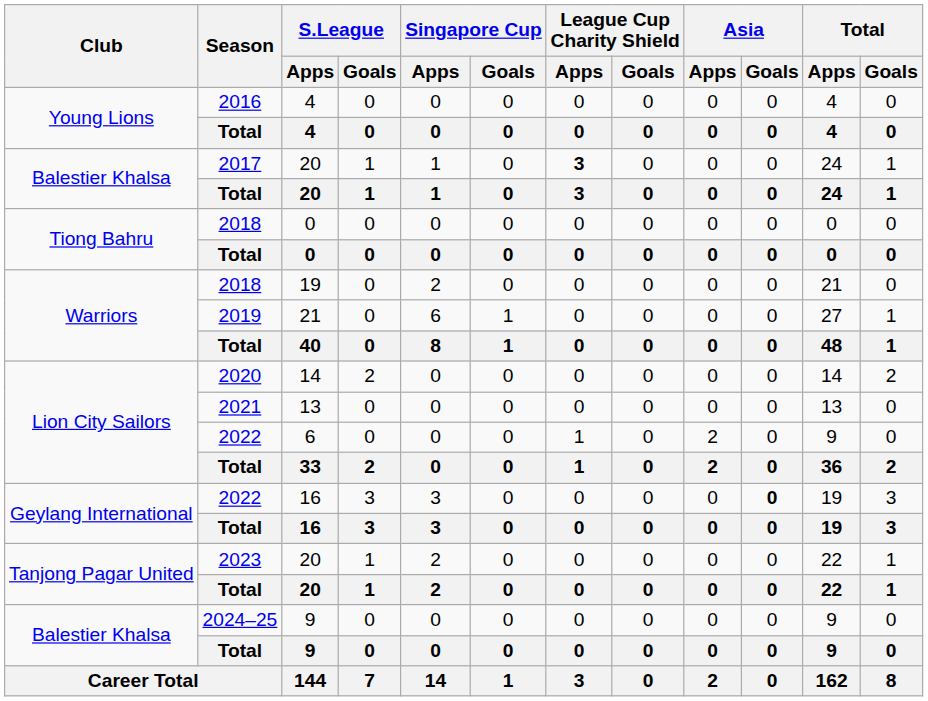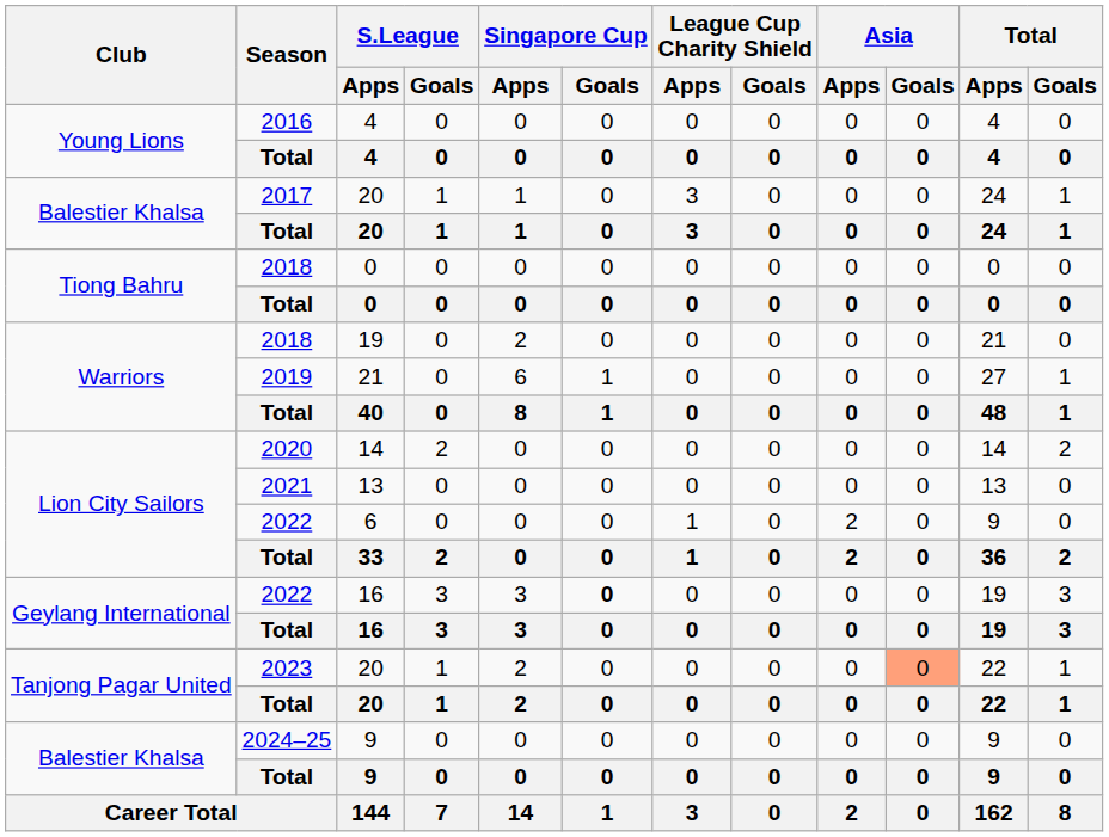 <table style="text-align:center" class="wikitable">
 <tr>
 <th rowspan="2">Club</th>
 <th rowspan="2">Season</th>
 <th colspan="2"><a href='#'>S.League</a></th>
 <th colspan="2"><a href='#'>Singapore Cup</a></th>
 <th colspan="2">League Cup <br> Charity Shield</th>
 <th colspan="2"><a href='#'>Asia</a></th>
 <th colspan="2">Total</th>
 </tr>
 <tr>
 <th>Apps</th>
 <th>Goals</th>
 <th>Apps</th>
 <th>Goals</th>
 <th>Apps</th>
 <th>Goals</th>
 <th>Apps</th>
 <th>Goals</th>
 <th>Apps</th>
 <th>Goals</th>
 </tr>
 <tr>
 <td rowspan="2"><a href='#'>Young Lions</a></td>
 <td><a href='#'>2016</a></td>
 <td>4</td>
 <td>0</td>
 <td>0</td>
 <td>0</td>
 <td>0</td>
 <td>0</td>
 <td>0</td>
 <td>0</td>
 <td>4</td>
 <td>0</td>
 </tr>
 <tr>
 <th>Total</th>
 <th>4</th>
 <th>0</th>
 <th>0</th>
 <th>0</th>
 <th>0</th>
 <th>0</th>
 <th>0</th>
 <th>0</th>
 <th>4</th>
 <th>0</th>
 </tr>
 <tr>
 <td rowspan="2"><a href='#'>Balestier Khalsa</a></td>
 <td><a href='#'>2017</a></td>
 <td>20</td>
 <td>1</td>
 <td>1</td>
 <td>0</td>
-<td><strong>3</strong></td>
+<td>3</td>
 <td>0</td>
 <td>0</td>
 <td>0</td>
 <td>24</td>
 <td>1</td>
 </tr>
 <tr>
 <th>Total</th>
 <th>20</th>
 <th>1</th>
 <th>1</th>
 <th>0</th>
 <th>3</th>
 <th>0</th>
 <th>0</th>
 <th>0</th>
 <th>24</th>
 <th>1</th>
 </tr>
 <tr>
 <td rowspan="2"><a href='#'>Tiong Bahru</a></td>
 <td><a href='#'>2018</a></td>
 <td>0</td>
 <td>0</td>
 <td>0</td>
 <td>0</td>
 <td>0</td>
 <td>0</td>
 <td>0</td>
 <td>0</td>
 <td>0</td>
 <td>0</td>
 </tr>
 <tr>
 <th>Total</th>
 <th>0</th>
 <th>0</th>
 <th>0</th>
 <th>0</th>
 <th>0</th>
 <th>0</th>
 <th>0</th>
 <th>0</th>
 <th>0</th>
 <th>0</th>
 </tr>
 <tr>
 <td rowspan="3"><a href='#'>Warriors</a></td>
 <td><a href='#'>2018</a></td>
 <td>19</td>
 <td>0</td>
 <td>2</td>
 <td>0</td>
 <td>0</td>
 <td>0</td>
 <td>0</td>
 <td>0</td>
 <td>21</td>
 <td>0</td>
 </tr>
 <tr>
 <td><a href='#'>2019</a></td>
 <td>21</td>
 <td>0</td>
 <td>6</td>
 <td>1</td>
 <td>0</td>
 <td>0</td>
 <td>0</td>
 <td>0</td>
 <td>27</td>
 <td>1</td>
 </tr>
 <tr>
 <th>Total</th>
 <th>40</th>
 <th>0</th>
 <th>8</th>
 <th>1</th>
 <th>0</th>
 <th>0</th>
 <th>0</th>
 <th>0</th>
 <th>48</th>
 <th>1</th>
 </tr>
 <tr>
 <td rowspan="4"><a href='#'>Lion City Sailors</a></td>
 <td><a href='#'>2020</a></td>
 <td>14</td>
 <td>2</td>
 <td>0</td>
 <td>0</td>
 <td>0</td>
 <td>0</td>
 <td>0</td>
 <td>0</td>
 <td>14</td>
 <td>2</td>
 </tr>
 <tr>
 <td><a href='#'>2021</a></td>
 <td>13</td>
 <td>0</td>
 <td>0</td>
 <td>0</td>
 <td>0</td>
 <td>0</td>
 <td>0</td>
 <td>0</td>
 <td>13</td>
 <td>0</td>
 </tr>
 <tr>
 <td><a href='#'>2022</a></td>
 <td>6</td>
 <td>0</td>
 <td>0</td>
 <td>0</td>
 <td>1</td>
 <td>0</td>
 <td>2</td>
 <td>0</td>
 <td>9</td>
 <td>0</td>
 </tr>
 <tr>
 <th>Total</th>
 <th>33</th>
 <th>2</th>
 <th>0</th>
 <th>0</th>
 <th>1</th>
 <th>0</th>
 <th>2</th>
 <th>0</th>
 <th>36</th>
 <th>2</th>
 </tr>
 <tr>
 <td rowspan="2"><a href='#'>Geylang International</a></td>
 <td><a href='#'>2022</a></td>
 <td>16</td>
 <td>3</td>
 <td>3</td>
+<td><strong>0</strong></td>
 <td>0</td>
 <td>0</td>
 <td>0</td>
 <td>0</td>
-<td><strong>0</strong></td>
 <td>19</td>
 <td>3</td>
 </tr>
 <tr>
 <th>Total</th>
 <th>16</th>
 <th>3</th>
 <th>3</th>
 <th>0</th>
 <th>0</th>
 <th>0</th>
 <th>0</th>
 <th>0</th>
 <th>19</th>
 <th>3</th>
 </tr>
 <tr>
 <td rowspan="2"><a href='#'>Tanjong Pagar United</a></td>
 <td><a href='#'>2023</a></td>
 <td>20</td>
 <td>1</td>
 <td>2</td>
 <td>0</td>
 <td>0</td>
 <td>0</td>
 <td>0</td>
-<td>0</td>
+<td style="background: lightsalmon;">0</td>
 <td>22</td>
 <td>1</td>
 </tr>
 <tr>
 <th>Total</th>
 <th>20</th>
 <th>1</th>
 <th>2</th>
 <th>0</th>
 <th>0</th>
 <th>0</th>
 <th>0</th>
 <th>0</th>
 <th>22</th>
 <th>1</th>
 </tr>
 <tr>
 <td rowspan="2"><a href='#'>Balestier Khalsa</a></td>
 <td><a href='#'>2024–25</a></td>
 <td>9</td>
 <td>0</td>
 <td>0</td>
 <td>0</td>
 <td>0</td>
 <td>0</td>
 <td>0</td>
 <td>0</td>
 <td>9</td>
 <td>0</td>
 </tr>
 <tr>
 <th>Total</th>
 <th>9</th>
 <th>0</th>
 <th>0</th>
 <th>0</th>
 <th>0</th>
 <th>0</th>
 <th>0</th>
 <th>0</th>
 <th>9</th>
 <th>0</th>
 </tr>
 <tr>
 <th colspan=2>Career Total</th>
 <th>144</th>
 <th>7</th>
 <th>14</th>
 <th>1</th>
 <th>3</th>
 <th>0</th>
 <th>2</th>
 <th>0</th>
 <th>162</th>
 <th>8</th>
 </tr>
 </table>
